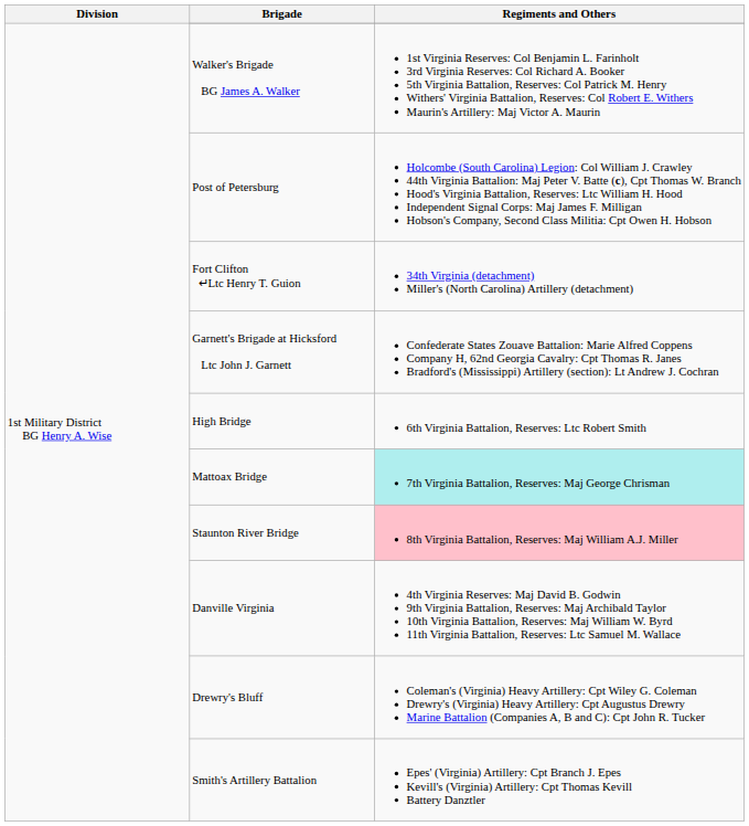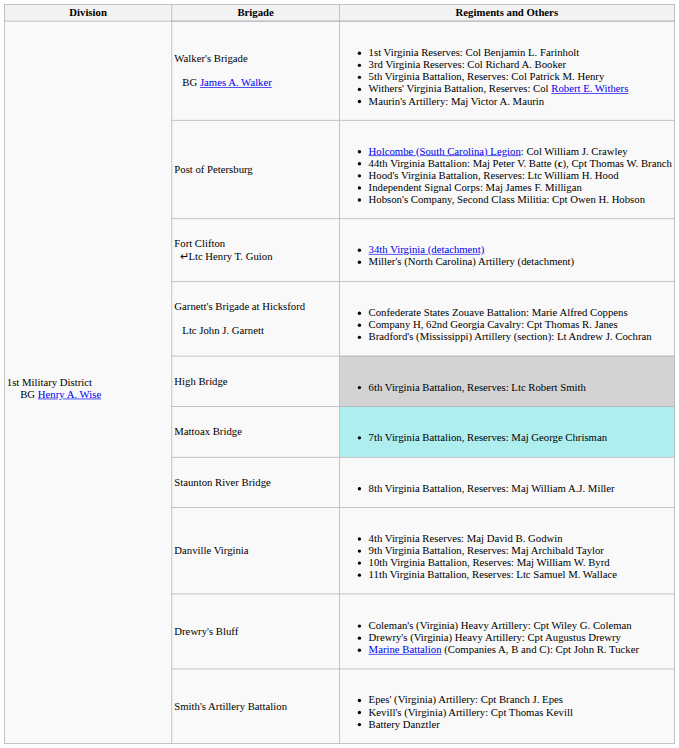 <table class="wikitable">
 <tr>
 <th width=25%>Division</th>
 <th width=25%>Brigade</th>
 <th>Regiments and Others</th>
 </tr>
 <tr>
 <td rowspan=11><br>1st Military District <br>     BG <a href='#'>Henry A. Wise</a></td>
 </tr>
 <tr>
 <td>Walker's Brigade<br><br>   BG <a href='#'>James A. Walker</a></td>
 <td><br><ul><li>1st Virginia Reserves: Col Benjamin L. Farinholt</li><li>3rd Virginia Reserves: Col Richard A. Booker</li><li>5th Virginia Battalion, Reserves: Col Patrick M. Henry</li><li>Withers' Virginia Battalion, Reserves: Col <a href='#'>Robert E. Withers</a></li><li>Maurin's Artillery: Maj Victor A. Maurin</li></ul></td>
 </tr>
 <tr>
 <td>Post of Petersburg</td>
 <td><br><ul><li><a href='#'>Holcombe (South Carolina) Legion</a>: Col William J. Crawley</li><li>44th Virginia Battalion: Maj Peter V. Batte (<strong>c</strong>), Cpt Thomas W. Branch</li><li>Hood's Virginia Battalion, Reserves: Ltc William H. Hood</li><li>Independent Signal Corps: Maj James F. Milligan</li><li>Hobson's Company, Second Class Militia: Cpt Owen H. Hobson</li></ul></td>
 </tr>
 <tr>
 <td>Fort Clifton<br>  ↵Ltc Henry T. Guion</td>
 <td><br><ul><li><a href='#'>34th Virginia (detachment)</a></li><li>Miller's (North Carolina) Artillery (detachment)</li></ul></td>
 </tr>
 <tr>
 <td>Garnett's Brigade at Hicksford<br><br>   Ltc John J. Garnett</td>
 <td><br><ul><li>Confederate States Zouave Battalion: Marie Alfred Coppens</li><li>Company H, 62nd Georgia Cavalry: Cpt Thomas R. Janes</li><li>Bradford's (Mississippi) Artillery (section): Lt Andrew J. Cochran</li></ul></td>
 </tr>
 <tr>
 <td>High Bridge</td>
-<td><br><ul><li>6th Virginia Battalion, Reserves: Ltc Robert Smith</li></ul></td>
+<td style="background: lightgrey;"><br><ul><li>6th Virginia Battalion, Reserves: Ltc Robert Smith</li></ul></td>
 </tr>
 <tr>
 <td>Mattoax Bridge</td>
 <td style="background: paleturquoise;"><br><ul><li>7th Virginia Battalion, Reserves: Maj George Chrisman</li></ul></td>
 </tr>
 <tr>
 <td>Staunton River Bridge</td>
-<td style="background: pink;"><br><ul><li>8th Virginia Battalion, Reserves: Maj William A.J. Miller</li></ul></td>
+<td><br><ul><li>8th Virginia Battalion, Reserves: Maj William A.J. Miller</li></ul></td>
 </tr>
 <tr>
 <td>Danville Virginia</td>
 <td><br><ul><li>4th Virginia Reserves: Maj David B. Godwin</li><li>9th Virginia Battalion, Reserves: Maj Archibald Taylor</li><li>10th Virginia Battalion, Reserves: Maj William W. Byrd</li><li>11th Virginia Battalion, Reserves: Ltc Samuel M. Wallace</li></ul></td>
 </tr>
 <tr>
 <td>Drewry's Bluff</td>
 <td><br><ul><li>Coleman's (Virginia) Heavy Artillery: Cpt Wiley G. Coleman</li><li>Drewry's (Virginia) Heavy Artillery: Cpt Augustus Drewry</li><li><a href='#'>Marine Battalion</a> (Companies A, B and C): Cpt John R. Tucker</li></ul></td>
 </tr>
 <tr>
 <td>Smith's Artillery Battalion</td>
 <td><br><ul><li>Epes' (Virginia) Artillery: Cpt Branch J. Epes</li><li>Kevill's (Virginia) Artillery: Cpt Thomas Kevill</li><li>Battery Danztler</li></ul></td>
 </tr>
 </table>
